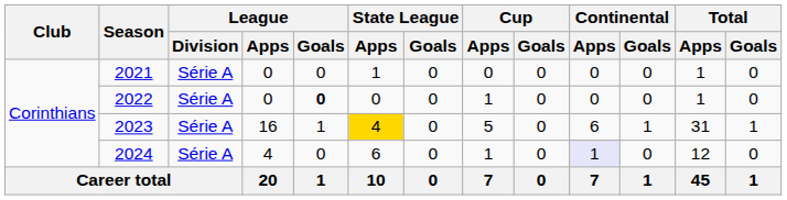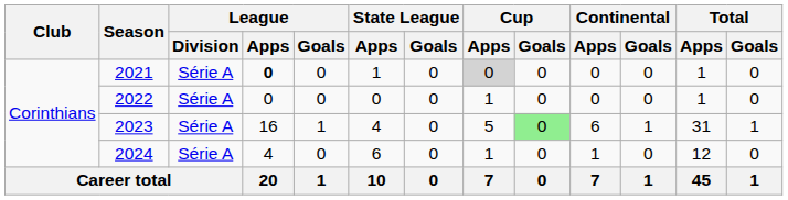 <table class="wikitable" style="text-align: center">
 <tr>
 <th rowspan="2">Club</th>
 <th rowspan="2">Season</th>
 <th colspan="3">League</th>
 <th colspan="2">State League</th>
 <th colspan="2">Cup</th>
 <th colspan="2">Continental</th>
 <th colspan="2">Total</th>
 </tr>
 <tr>
 <th>Division</th>
 <th>Apps</th>
 <th>Goals</th>
 <th>Apps</th>
 <th>Goals</th>
 <th>Apps</th>
 <th>Goals</th>
 <th>Apps</th>
 <th>Goals</th>
 <th>Apps</th>
 <th>Goals</th>
 </tr>
 <tr>
 <td rowspan="4"><a href='#'>Corinthians</a></td>
 <td><a href='#'>2021</a></td>
 <td><a href='#'>Série A</a></td>
-<td>0</td>
+<td><strong>0</strong></td>
 <td>0</td>
 <td>1</td>
 <td>0</td>
-<td>0</td>
+<td style="background: lightgrey;">0</td>
 <td>0</td>
 <td>0</td>
 <td>0</td>
 <td>1</td>
 <td>0</td>
 </tr>
 <tr>
 <td><a href='#'>2022</a></td>
 <td><a href='#'>Série A</a></td>
 <td>0</td>
-<td><strong>0</strong></td>
+<td>0</td>
 <td>0</td>
 <td>0</td>
 <td>1</td>
 <td>0</td>
 <td>0</td>
 <td>0</td>
 <td>1</td>
 <td>0</td>
 </tr>
 <tr>
 <td><a href='#'>2023</a></td>
 <td><a href='#'>Série A</a></td>
 <td>16</td>
 <td>1</td>
-<td style="background: gold;">4</td>
+<td>4</td>
 <td>0</td>
 <td>5</td>
-<td>0</td>
+<td style="background: lightgreen;">0</td>
 <td>6</td>
 <td>1</td>
 <td>31</td>
 <td>1</td>
 </tr>
 <tr>
 <td><a href='#'>2024</a></td>
 <td><a href='#'>Série A</a></td>
 <td>4</td>
 <td>0</td>
 <td>6</td>
 <td>0</td>
 <td>1</td>
 <td>0</td>
-<td style="background: lavender;">1</td>
+<td>1</td>
 <td>0</td>
 <td>12</td>
 <td>0</td>
 </tr>
 <tr>
 <th colspan="3"><strong>Career total</strong></th>
 <th>20</th>
 <th>1</th>
 <th>10</th>
 <th>0</th>
 <th>7</th>
 <th>0</th>
 <th>7</th>
 <th>1</th>
 <th>45</th>
 <th>1</th>
 </tr>
 </table>
